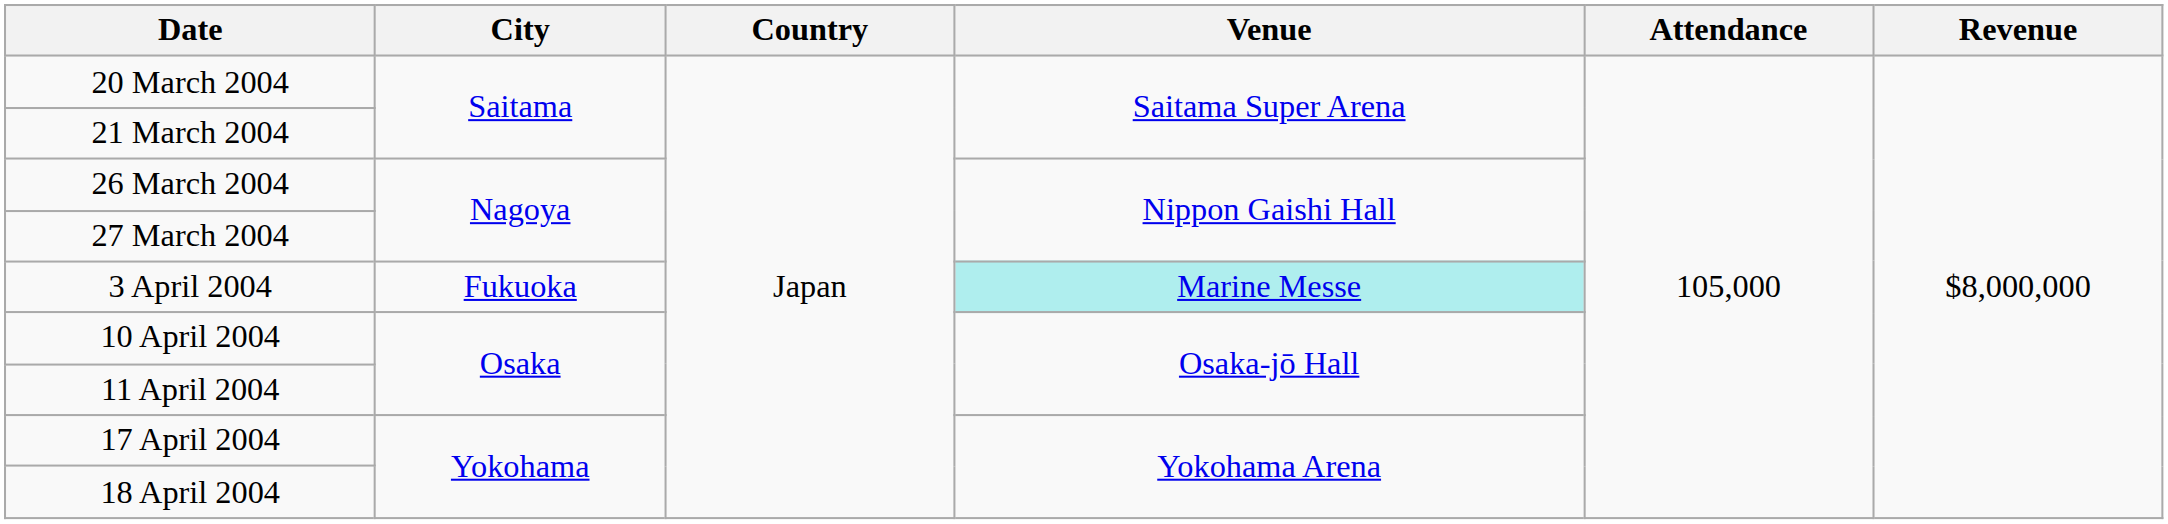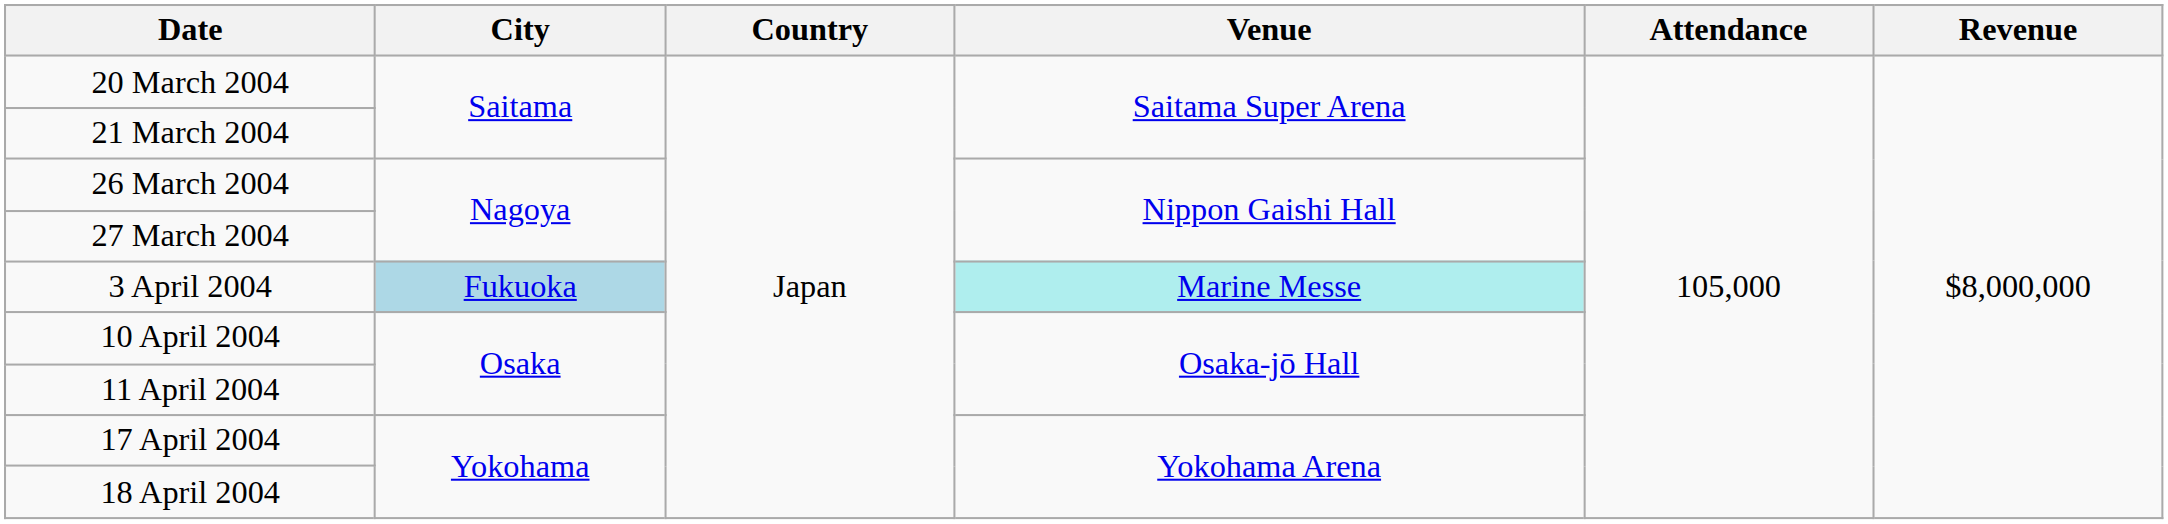 <table class="wikitable" style="text-align:center;">
 <tr>
 <th scope="col" style="width:11em;">Date</th>
 <th scope="col" style="width:8.5em;">City</th>
 <th scope="col" style="width:8.5em;">Country</th>
 <th scope="col" style="width:19em;">Venue</th>
 <th scope="col" style="width:8.5em;">Attendance</th>
 <th scope="col" style="width:8.5em;">Revenue</th>
 </tr>
 <tr>
 <td>20 March 2004</td>
 <td rowspan="2"><a href='#'>Saitama</a></td>
 <td rowspan="9">Japan</td>
 <td rowspan="2"><a href='#'>Saitama Super Arena</a></td>
 <td rowspan="9">105,000<strong></strong></td>
 <td rowspan="9">$8,000,000</td>
 </tr>
 <tr>
 <td>21 March 2004</td>
 </tr>
 <tr>
 <td>26 March 2004</td>
 <td rowspan="2"><a href='#'>Nagoya</a></td>
 <td rowspan="2"><a href='#'>Nippon Gaishi Hall</a></td>
 </tr>
 <tr>
 <td>27 March 2004</td>
 </tr>
 <tr>
 <td>3 April 2004</td>
-<td><a href='#'>Fukuoka</a></td>
+<td style="background: lightblue;"><a href='#'>Fukuoka</a></td>
 <td style="background: paleturquoise;"><a href='#'>Marine Messe</a></td>
 </tr>
 <tr>
 <td>10 April 2004</td>
 <td rowspan="2"><a href='#'>Osaka</a></td>
 <td rowspan="2"><a href='#'>Osaka-jō Hall</a></td>
 </tr>
 <tr>
 <td>11 April 2004</td>
 </tr>
 <tr>
 <td>17 April 2004</td>
 <td rowspan="2"><a href='#'>Yokohama</a></td>
 <td rowspan="2"><a href='#'>Yokohama Arena</a></td>
 </tr>
 <tr>
 <td>18 April 2004</td>
 </tr>
 </table>
